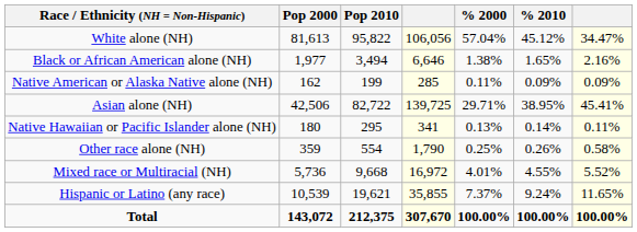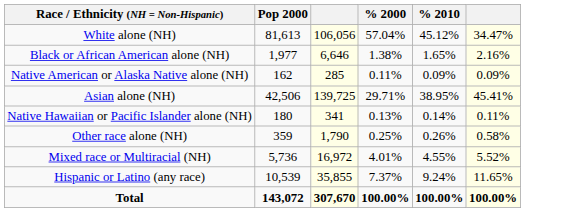 <table class="wikitable" style="text-align:center;">
 <tr>
 <th>Race / Ethnicity <small>(<em>NH = Non-Hispanic</em>)</small></th>
 <th>Pop 2000</th>
-<th>Pop 2010</th>
 <th></th>
 <th>% 2000</th>
 <th>% 2010</th>
 <th></th>
 </tr>
 <tr>
 <td><a href='#'>White</a> alone (NH)</td>
 <td>81,613</td>
-<td>95,822</td>
 <td style='background: #ffffe6;'>106,056</td>
 <td>57.04%</td>
 <td>45.12%</td>
 <td style='background: #ffffe6;'>34.47%</td>
 </tr>
 <tr>
 <td><a href='#'>Black or African American</a> alone (NH)</td>
 <td>1,977</td>
-<td>3,494</td>
 <td style='background: #ffffe6;'>6,646</td>
 <td>1.38%</td>
 <td>1.65%</td>
 <td style='background: #ffffe6;'>2.16%</td>
 </tr>
 <tr>
 <td><a href='#'>Native American</a> or <a href='#'>Alaska Native</a> alone (NH)</td>
 <td>162</td>
-<td>199</td>
 <td style='background: #ffffe6;'>285</td>
 <td>0.11%</td>
 <td>0.09%</td>
 <td style='background: #ffffe6;'>0.09%</td>
 </tr>
 <tr>
 <td><a href='#'>Asian</a> alone (NH)</td>
 <td>42,506</td>
-<td>82,722</td>
 <td style='background: #ffffe6;'>139,725</td>
 <td>29.71%</td>
 <td>38.95%</td>
 <td style='background: #ffffe6;'>45.41%</td>
 </tr>
 <tr>
 <td><a href='#'>Native Hawaiian</a> or <a href='#'>Pacific Islander</a> alone (NH)</td>
 <td>180</td>
-<td>295</td>
 <td style='background: #ffffe6;'>341</td>
 <td>0.13%</td>
 <td>0.14%</td>
 <td style='background: #ffffe6;'>0.11%</td>
 </tr>
 <tr>
 <td><a href='#'>Other race</a> alone (NH)</td>
 <td>359</td>
-<td>554</td>
 <td style='background: #ffffe6;'>1,790</td>
 <td>0.25%</td>
 <td>0.26%</td>
 <td style='background: #ffffe6;'>0.58%</td>
 </tr>
 <tr>
 <td><a href='#'>Mixed race or Multiracial</a> (NH)</td>
 <td>5,736</td>
-<td>9,668</td>
 <td style='background: #ffffe6;'>16,972</td>
 <td>4.01%</td>
 <td>4.55%</td>
 <td style='background: #ffffe6;'>5.52%</td>
 </tr>
 <tr>
 <td><a href='#'>Hispanic or Latino</a> (any race)</td>
 <td>10,539</td>
-<td>19,621</td>
 <td style='background: #ffffe6;'>35,855</td>
 <td>7.37%</td>
 <td>9.24%</td>
 <td style='background: #ffffe6;'>11.65%</td>
 </tr>
 <tr>
 <td><strong>Total</strong></td>
 <td><strong>143,072</strong></td>
-<td><strong>212,375</strong></td>
 <td style='background: #ffffe6;'><strong>307,670</strong></td>
 <td><strong>100.00%</strong></td>
 <td><strong>100.00%</strong></td>
 <td style='background: #ffffe6;'><strong>100.00%</strong></td>
 </tr>
 </table>
